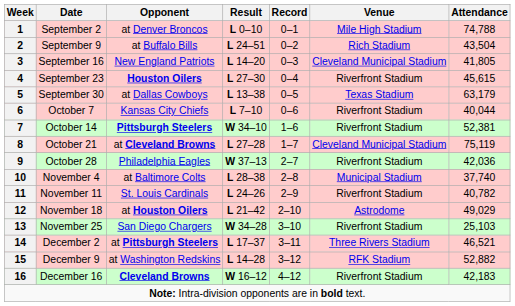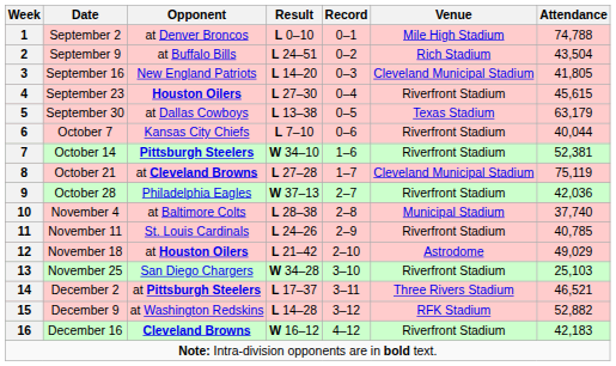 <table class="wikitable" style="text-align:center">
 <tr>
 <th>Week</th>
 <th>Date</th>
 <th>Opponent</th>
 <th>Result</th>
 <th>Record</th>
 <th>Venue</th>
 <th>Attendance</th>
 </tr>
 <tr style="background:#fcc">
 <th>1</th>
 <td>September 2</td>
 <td>at <a href='#'>Denver Broncos</a></td>
 <td><strong>L</strong> 0–10</td>
 <td>0–1</td>
 <td><a href='#'>Mile High Stadium</a></td>
 <td>74,788</td>
 </tr>
 <tr style="background:#fcc">
 <th>2</th>
 <td>September 9</td>
 <td>at <a href='#'>Buffalo Bills</a></td>
 <td><strong>L</strong> 24–51</td>
 <td>0–2</td>
 <td><a href='#'>Rich Stadium</a></td>
 <td>43,504</td>
 </tr>
 <tr style="background:#fcc">
 <th>3</th>
 <td>September 16</td>
 <td><a href='#'>New England Patriots</a></td>
 <td><strong>L</strong> 14–20</td>
 <td>0–3</td>
 <td><a href='#'>Cleveland Municipal Stadium</a></td>
 <td>41,805</td>
 </tr>
 <tr style="background:#fcc">
 <th>4</th>
 <td>September 23</td>
 <td><strong><a href='#'>Houston Oilers</a></strong></td>
 <td><strong>L</strong> 27–30</td>
 <td>0–4</td>
 <td>Riverfront Stadium</td>
 <td>45,615</td>
 </tr>
 <tr style="background:#fcc">
 <th>5</th>
 <td>September 30</td>
 <td>at <a href='#'>Dallas Cowboys</a></td>
 <td><strong>L</strong> 13–38</td>
 <td>0–5</td>
 <td><a href='#'>Texas Stadium</a></td>
 <td>63,179</td>
 </tr>
 <tr style="background:#fcc">
 <th>6</th>
 <td>October 7</td>
 <td><a href='#'>Kansas City Chiefs</a></td>
 <td><strong>L</strong> 7–10</td>
 <td>0–6</td>
 <td>Riverfront Stadium</td>
 <td>40,044</td>
 </tr>
 <tr style="background:#cfc">
 <th>7</th>
 <td>October 14</td>
 <td><strong><a href='#'>Pittsburgh Steelers</a></strong></td>
 <td><strong>W</strong> 34–10</td>
 <td>1–6</td>
 <td>Riverfront Stadium</td>
 <td>52,381</td>
 </tr>
 <tr style="background:#fcc">
 <th>8</th>
 <td>October 21</td>
 <td>at <strong><a href='#'>Cleveland Browns</a></strong></td>
 <td><strong>L</strong> 27–28</td>
 <td>1–7</td>
 <td><a href='#'>Cleveland Municipal Stadium</a></td>
 <td>75,119</td>
 </tr>
 <tr style="background:#cfc">
 <th>9</th>
 <td>October 28</td>
 <td><a href='#'>Philadelphia Eagles</a></td>
 <td><strong>W</strong> 37–13</td>
 <td>2–7</td>
 <td>Riverfront Stadium</td>
 <td>42,036</td>
 </tr>
 <tr style="background:#fcc">
 <th>10</th>
 <td>November 4</td>
 <td>at <a href='#'>Baltimore Colts</a></td>
 <td><strong>L</strong> 28–38</td>
 <td>2–8</td>
 <td><a href='#'>Municipal Stadium</a></td>
 <td>37,740</td>
 </tr>
 <tr style="background:#fcc">
 <th>11</th>
 <td>November 11</td>
 <td><a href='#'>St. Louis Cardinals</a></td>
 <td><strong>L</strong> 24–26</td>
 <td>2–9</td>
 <td>Riverfront Stadium</td>
-<td>40,782</td>
+<td>40,785</td>
 </tr>
 <tr style="background:#fcc">
 <th>12</th>
 <td>November 18</td>
 <td>at <strong><a href='#'>Houston Oilers</a></strong></td>
 <td><strong>L</strong> 21–42</td>
 <td>2–10</td>
 <td><a href='#'>Astrodome</a></td>
 <td>49,029</td>
 </tr>
 <tr style="background:#cfc">
 <th>13</th>
 <td>November 25</td>
 <td><a href='#'>San Diego Chargers</a></td>
 <td><strong>W</strong> 34–28</td>
 <td>3–10</td>
 <td>Riverfront Stadium</td>
 <td>25,103</td>
 </tr>
 <tr style="background:#fcc">
 <th>14</th>
 <td>December 2</td>
 <td>at <strong><a href='#'>Pittsburgh Steelers</a></strong></td>
 <td><strong>L</strong> 17–37</td>
 <td>3–11</td>
 <td><a href='#'>Three Rivers Stadium</a></td>
 <td>46,521</td>
 </tr>
 <tr style="background:#fcc">
 <th>15</th>
 <td>December 9</td>
 <td>at <a href='#'>Washington Redskins</a></td>
 <td><strong>L</strong> 14–28</td>
 <td>3–12</td>
 <td><a href='#'>RFK Stadium</a></td>
 <td>52,882</td>
 </tr>
 <tr style="background:#cfc">
 <th>16</th>
 <td>December 16</td>
 <td><strong><a href='#'>Cleveland Browns</a></strong></td>
 <td><strong>W</strong> 16–12</td>
 <td>4–12</td>
 <td>Riverfront Stadium</td>
 <td>42,183</td>
 </tr>
 <tr>
 <td colspan="8"><strong>Note:</strong> Intra-division opponents are in <strong>bold</strong> text.</td>
 </tr>
 </table>
